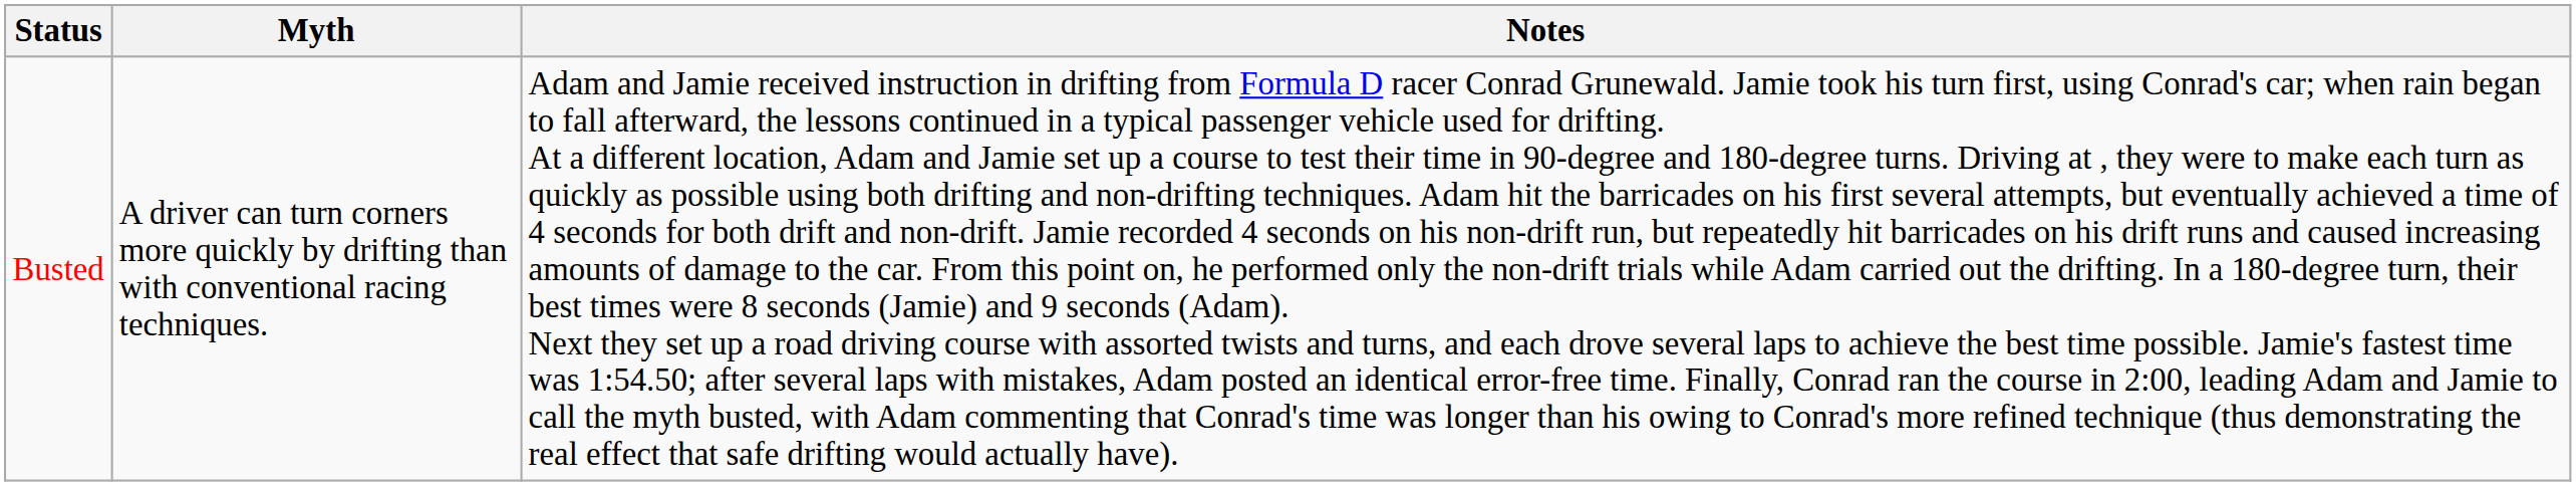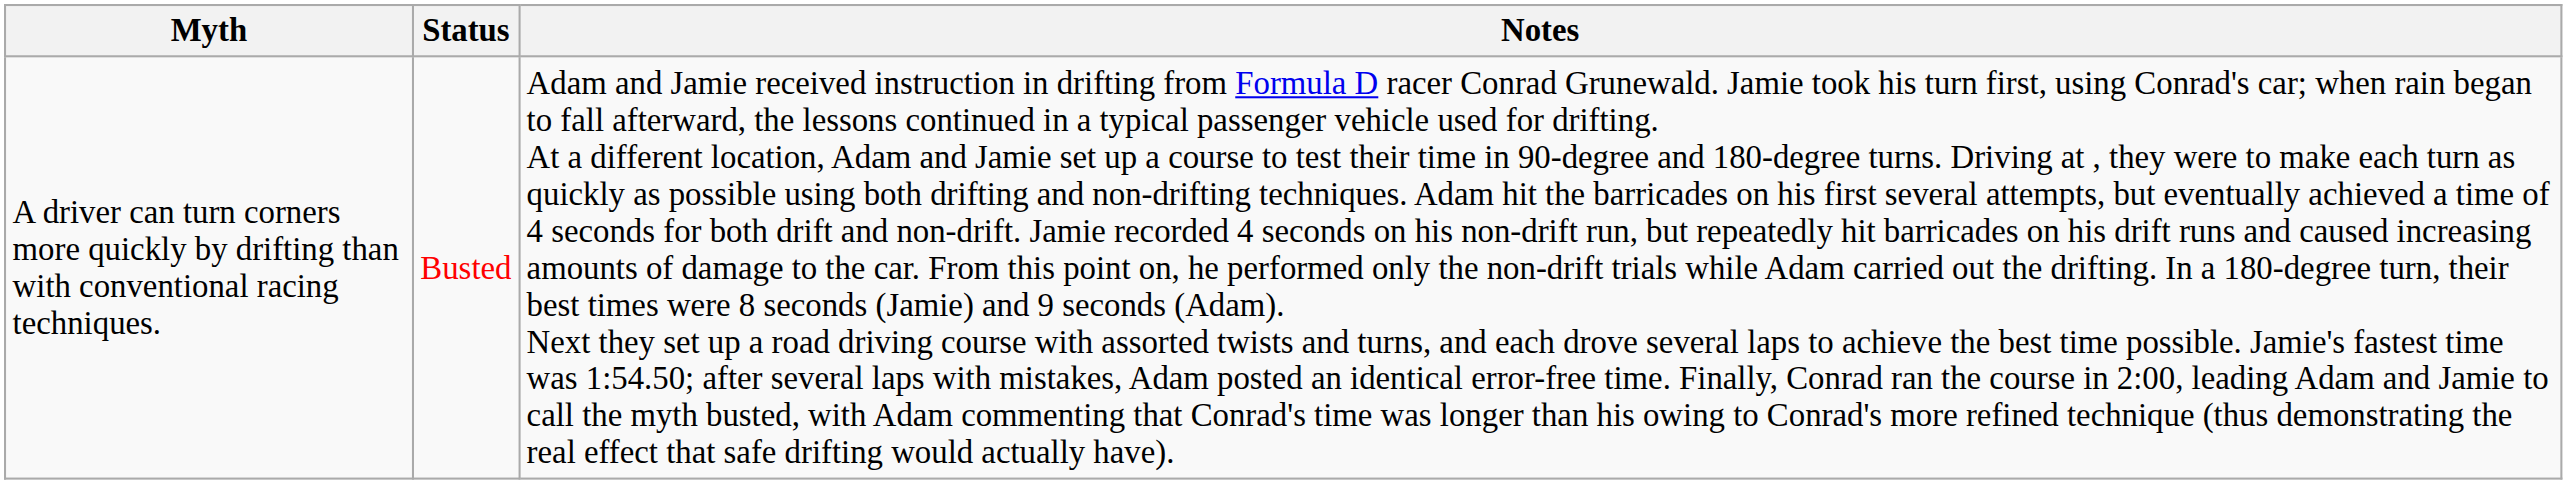 <table class="wikitable plainrowheaders">
 <tr>
+<th scope"col">Myth</th>
 <th scope"col">Status</th>
-<th scope"col">Myth</th>
 <th scope"col">Notes</th>
 </tr>
 <tr>
+<td scope"row">A driver can turn corners more quickly by drifting than with conventional racing techniques.</td>
 <td style="color:red">Busted</td>
-<td scope"row">A driver can turn corners more quickly by drifting than with conventional racing techniques.</td>
 <td>Adam and Jamie received instruction in drifting from <a href='#'>Formula D</a> racer Conrad Grunewald. Jamie took his turn first, using Conrad's car; when rain began to fall afterward, the lessons continued in a typical passenger vehicle used for drifting.<br>At a different location, Adam and Jamie set up a course to test their time in 90-degree and 180-degree turns. Driving at , they were to make each turn as quickly as possible using both drifting and non-drifting techniques. Adam hit the barricades on his first several attempts, but eventually achieved a time of 4 seconds for both drift and non-drift. Jamie recorded 4 seconds on his non-drift run, but repeatedly hit barricades on his drift runs and caused increasing amounts of damage to the car. From this point on, he performed only the non-drift trials while Adam carried out the drifting. In a 180-degree turn, their best times were 8 seconds (Jamie) and 9 seconds (Adam).<br>Next they set up a road driving course with assorted twists and turns, and each drove several laps to achieve the best time possible. Jamie's fastest time was 1:54.50; after several laps with mistakes, Adam posted an identical error-free time. Finally, Conrad ran the course in 2:00, leading Adam and Jamie to call the myth busted, with Adam commenting that Conrad's time was longer than his owing to Conrad's more refined technique (thus demonstrating the real effect that safe drifting would actually have).</td>
 </tr>
 </table>
